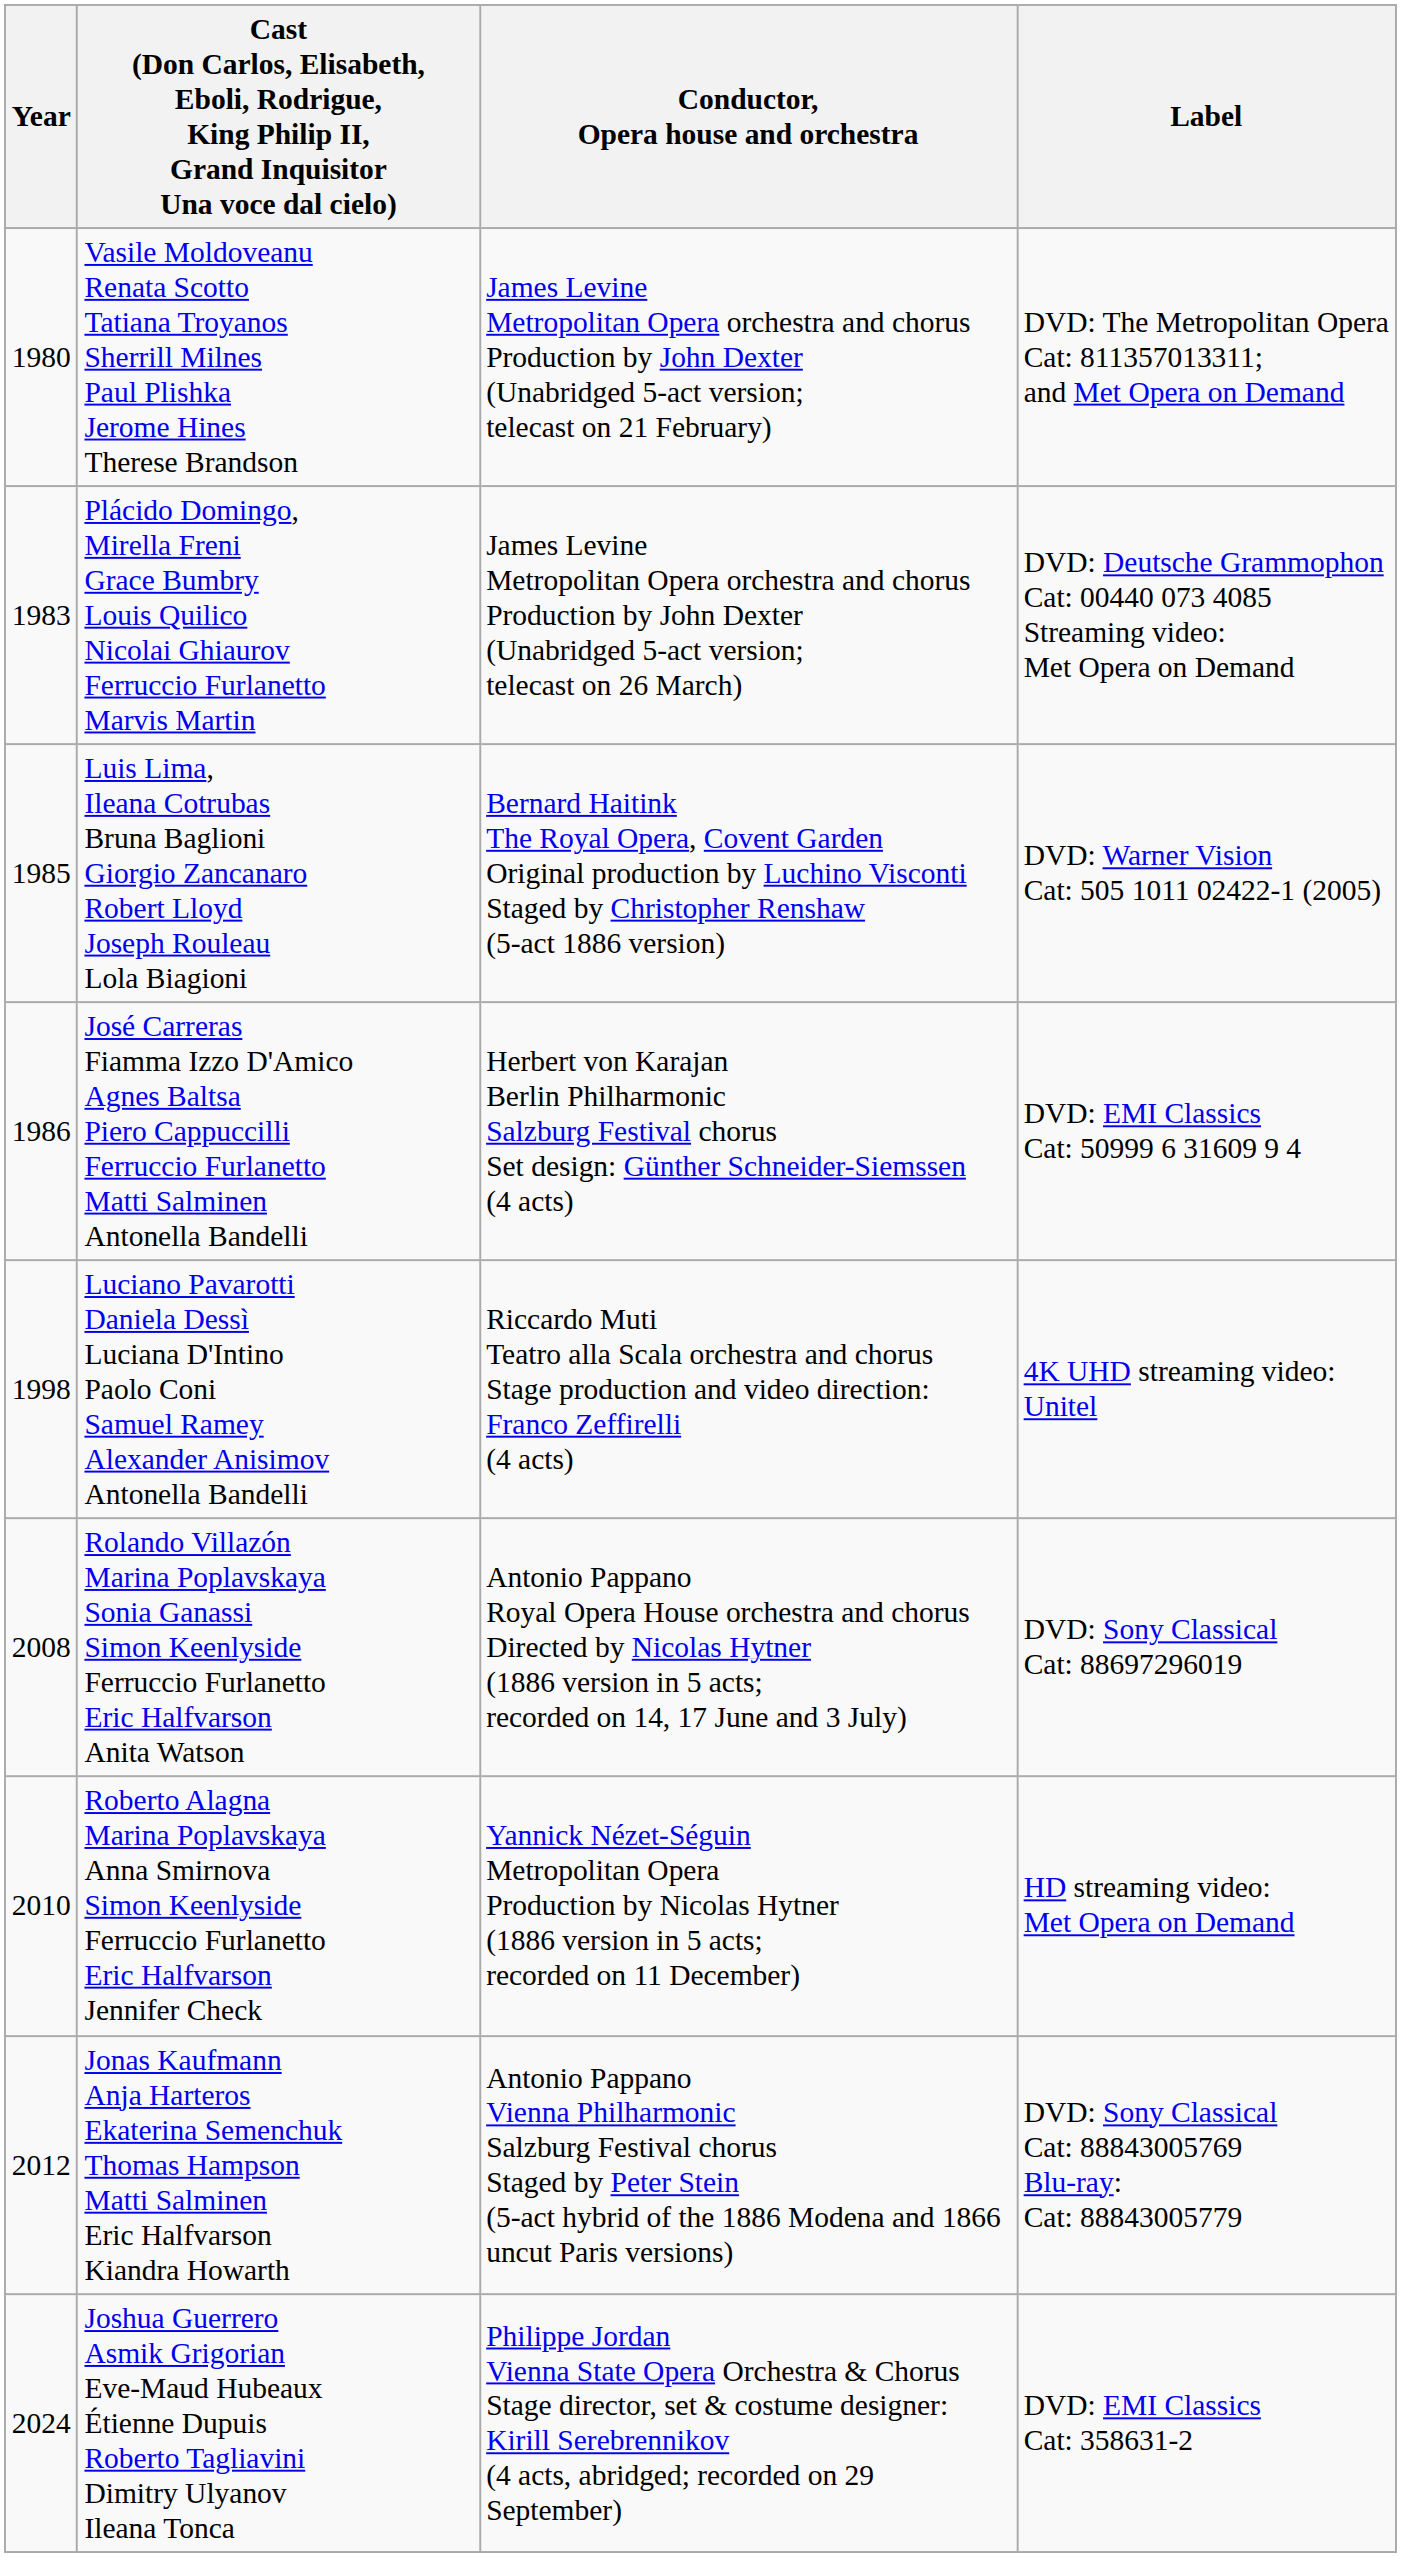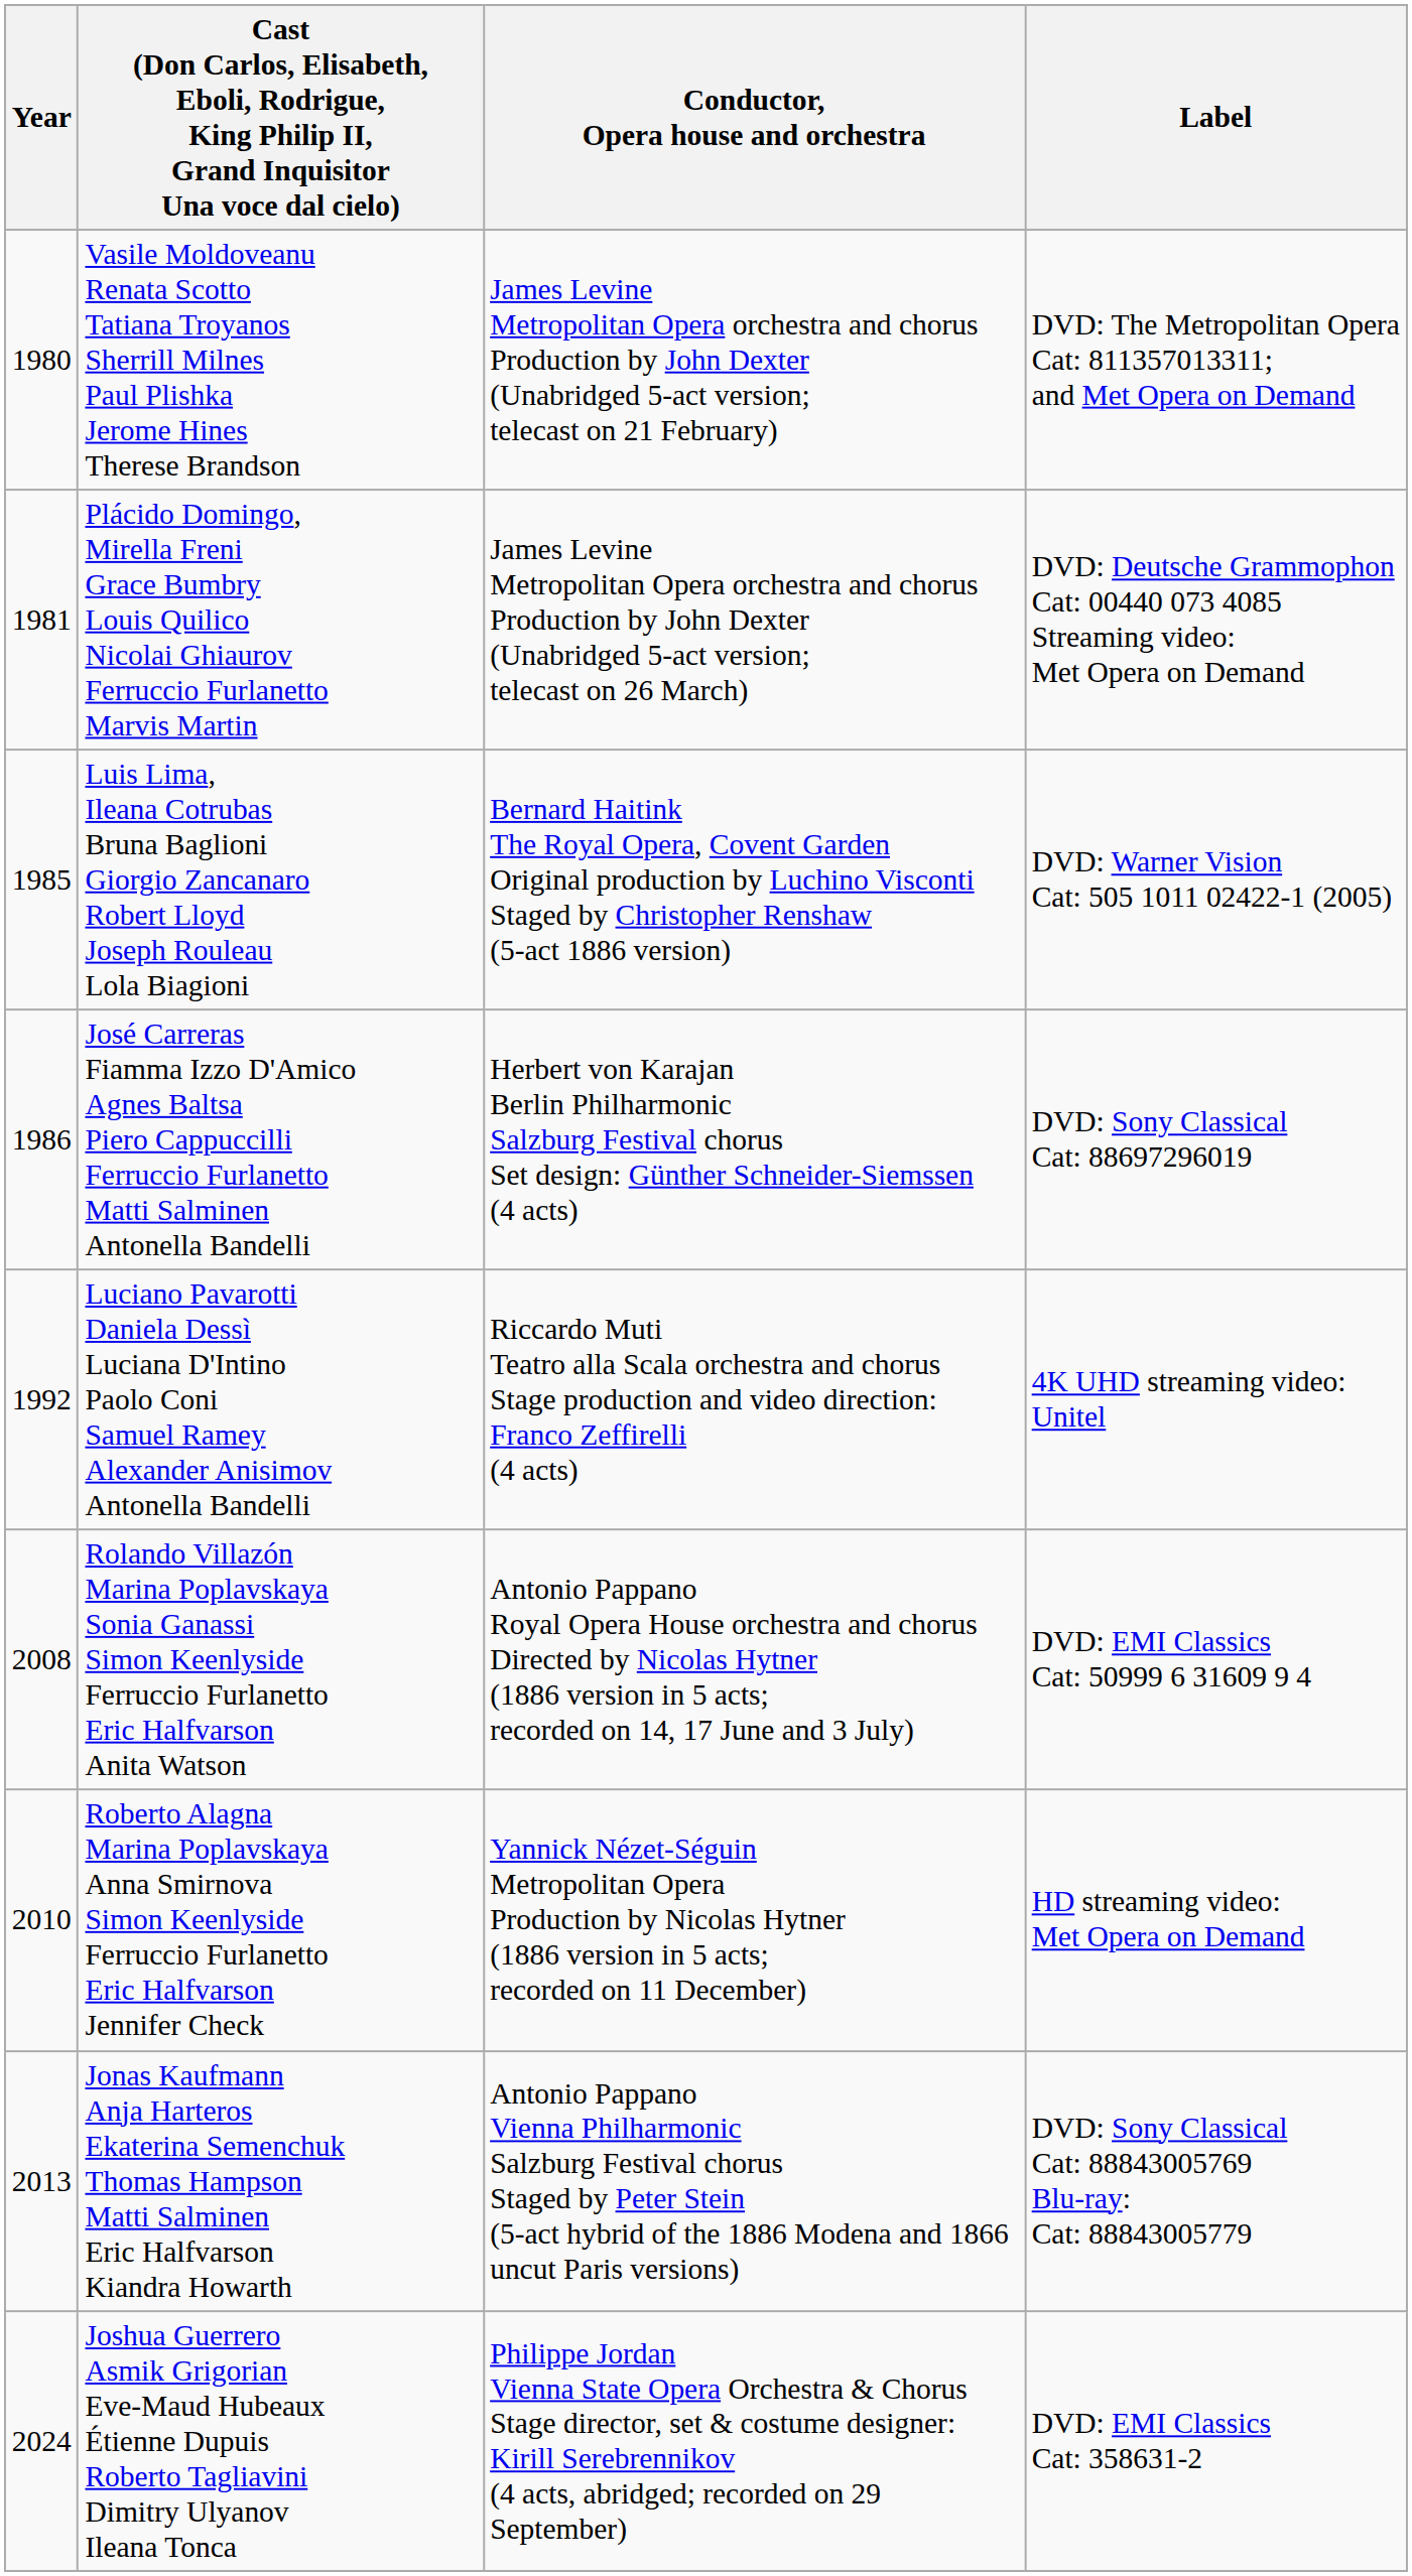 <table class="wikitable" style="font-size:95%;">
 <tr>
 <th>Year</th>
 <th Width="200">Cast<br>(Don Carlos, Elisabeth,<br>Eboli, Rodrigue,<br>King Philip II,<br>Grand Inquisitor<br>Una voce dal cielo)</th>
 <th Width="270">Conductor,<br>Opera house and orchestra</th>
 <th>Label</th>
 </tr>
 <tr>
 <td>1980</td>
 <td><a href='#'>Vasile Moldoveanu</a><br><a href='#'>Renata Scotto</a><br><a href='#'>Tatiana Troyanos</a><br><a href='#'>Sherrill Milnes</a><br><a href='#'>Paul Plishka</a><br><a href='#'>Jerome Hines</a><br>Therese Brandson</td>
 <td><a href='#'>James Levine</a><br><a href='#'>Metropolitan Opera</a> orchestra and chorus<br>Production by <a href='#'>John Dexter</a><br>(Unabridged 5-act version;<br>telecast on 21 February)</td>
 <td>DVD: The Metropolitan Opera<br>Cat: 811357013311;<br>and <a href='#'>Met Opera on Demand</a></td>
 </tr>
 <tr>
-<td>1983</td>
+<td>1981</td>
 <td><a href='#'>Plácido Domingo</a>, <br><a href='#'>Mirella Freni</a><br><a href='#'>Grace Bumbry</a><br><a href='#'>Louis Quilico</a><br><a href='#'>Nicolai Ghiaurov</a><br><a href='#'>Ferruccio Furlanetto</a><br><a href='#'>Marvis Martin</a></td>
 <td>James Levine<br>Metropolitan Opera orchestra and chorus<br>Production by John Dexter<br>(Unabridged 5-act version;<br>telecast on 26 March)</td>
 <td>DVD: <a href='#'>Deutsche Grammophon</a> <br>Cat: 00440 073 4085<br>Streaming video:<br>Met Opera on Demand</td>
 </tr>
 <tr>
 <td>1985</td>
 <td><a href='#'>Luis Lima</a>,<br><a href='#'>Ileana Cotrubas</a><br>Bruna Baglioni<br><a href='#'>Giorgio Zancanaro</a><br><a href='#'>Robert Lloyd</a><br><a href='#'>Joseph Rouleau</a><br>Lola Biagioni</td>
 <td><a href='#'>Bernard Haitink</a><br><a href='#'>The Royal Opera</a>, <a href='#'>Covent Garden</a><br>Original production by <a href='#'>Luchino Visconti</a><br>Staged by <a href='#'>Christopher Renshaw</a><br>(5-act 1886 version)</td>
 <td>DVD: <a href='#'>Warner Vision</a><br>Cat: 505 1011 02422-1 (2005)</td>
 </tr>
 <tr>
 <td>1986</td>
 <td><a href='#'>José Carreras</a><br>Fiamma Izzo D'Amico<br><a href='#'>Agnes Baltsa</a><br><a href='#'>Piero Cappuccilli</a><br><a href='#'>Ferruccio Furlanetto</a><br><a href='#'>Matti Salminen</a><br>Antonella Bandelli</td>
 <td>Herbert von Karajan<br>Berlin Philharmonic <br><a href='#'>Salzburg Festival</a> chorus<br>Set design: <a href='#'>Günther Schneider-Siemssen</a><br>(4 acts)</td>
-<td>DVD: <a href='#'>EMI Classics</a><br>Cat: 50999 6 31609 9 4</td>
+<td>DVD: <a href='#'>Sony Classical</a><br>Cat: 88697296019</td>
 </tr>
 <tr>
-<td>1998</td>
+<td>1992</td>
 <td><a href='#'>Luciano Pavarotti</a><br><a href='#'>Daniela Dessì</a><br>Luciana D'Intino<br>Paolo Coni<br><a href='#'>Samuel Ramey</a><br><a href='#'>Alexander Anisimov</a><br>Antonella Bandelli</td>
 <td>Riccardo Muti<br>Teatro alla Scala orchestra and chorus<br>Stage production and video direction:<br><a href='#'>Franco Zeffirelli</a><br>(4 acts)</td>
 <td><a href='#'>4K UHD</a> streaming video:<br><a href='#'>Unitel</a></td>
 </tr>
 <tr>
 <td>2008</td>
 <td><a href='#'>Rolando Villazón</a><br><a href='#'>Marina Poplavskaya</a><br><a href='#'>Sonia Ganassi</a><br><a href='#'>Simon&nbsp;Keenlyside</a><br>Ferruccio Furlanetto<br><a href='#'>Eric Halfvarson</a><br>Anita Watson</td>
 <td>Antonio Pappano<br>Royal Opera House orchestra and chorus<br>Directed by <a href='#'>Nicolas Hytner</a><br>(1886 version in 5 acts;<br>recorded on 14, 17 June and 3 July)</td>
-<td>DVD: <a href='#'>Sony Classical</a><br>Cat: 88697296019</td>
+<td>DVD: <a href='#'>EMI Classics</a><br>Cat: 50999 6 31609 9 4</td>
 </tr>
 <tr>
 <td>2010</td>
 <td><a href='#'>Roberto Alagna</a><br><a href='#'>Marina Poplavskaya</a><br>Anna Smirnova<br><a href='#'>Simon Keenlyside</a><br>Ferruccio Furlanetto<br><a href='#'>Eric Halfvarson</a><br>Jennifer Check</td>
 <td><a href='#'>Yannick Nézet-Séguin</a><br>Metropolitan Opera<br>Production by Nicolas Hytner<br>(1886 version in 5 acts;<br>recorded on 11 December)</td>
 <td><a href='#'>HD</a> streaming video:<br><a href='#'>Met Opera on Demand</a></td>
 </tr>
 <tr>
-<td>2012</td>
+<td>2013</td>
 <td><a href='#'>Jonas Kaufmann</a><br><a href='#'>Anja Harteros</a><br><a href='#'>Ekaterina Semenchuk</a><br><a href='#'>Thomas Hampson</a><br><a href='#'>Matti Salminen</a><br>Eric Halfvarson<br>Kiandra Howarth</td>
 <td>Antonio Pappano<br><a href='#'>Vienna Philharmonic</a><br>Salzburg Festival chorus<br>Staged by <a href='#'>Peter Stein</a><br>(5-act hybrid of the 1886 Modena and 1866 uncut Paris versions)</td>
 <td>DVD: <a href='#'>Sony Classical</a><br>Cat: 88843005769<br><a href='#'>Blu-ray</a>:<br>Cat: 88843005779</td>
 </tr>
 <tr>
 <td>2024</td>
 <td><a href='#'>Joshua Guerrero</a><br><a href='#'>Asmik Grigorian</a><br>Eve-Maud Hubeaux<br>Étienne Dupuis<br><a href='#'>Roberto Tagliavini</a><br>Dimitry Ulyanov<br>Ileana Tonca</td>
 <td><a href='#'>Philippe Jordan</a><br><a href='#'>Vienna State Opera</a> Orchestra & Chorus<br>Stage director, set & costume designer: <a href='#'>Kirill Serebrennikov</a><br>(4 acts, abridged; recorded on 29 September)</td>
 <td>DVD: <a href='#'>EMI Classics</a><br>Cat: 358631-2</td>
 </tr>
 <tr>
 </tr>
 </table>
